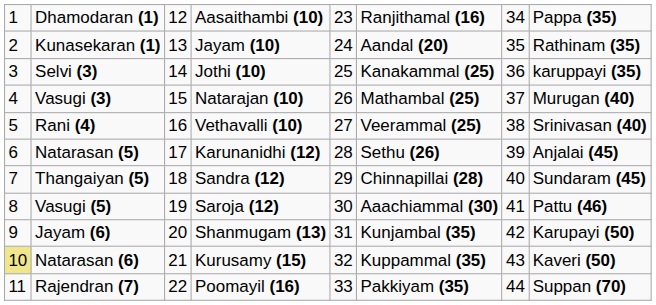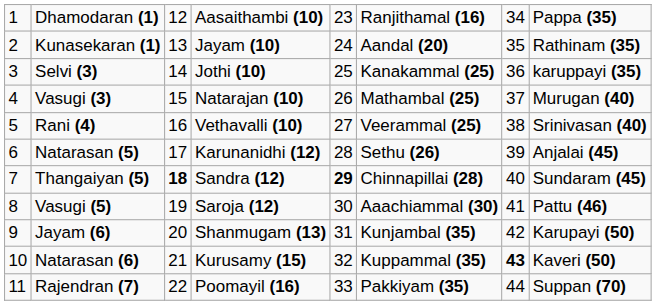 <table class="wikitable">
 <tr>
 <td>1</td>
 <td>Dhamodaran <strong>(1)</strong></td>
 <td>12</td>
 <td>Aasaithambi <strong>(10)</strong></td>
 <td>23</td>
 <td>Ranjithamal <strong>(16)</strong></td>
 <td>34</td>
 <td>Pappa <strong>(35)</strong></td>
 </tr>
 <tr>
 <td>2</td>
 <td>Kunasekaran <strong>(1)</strong></td>
 <td>13</td>
 <td>Jayam <strong>(10)</strong></td>
 <td>24</td>
 <td>Aandal <strong>(20)</strong></td>
 <td>35</td>
 <td>Rathinam <strong>(35)</strong></td>
 </tr>
 <tr>
 <td>3</td>
 <td>Selvi <strong>(3)</strong></td>
 <td>14</td>
 <td>Jothi <strong>(10)</strong></td>
 <td>25</td>
 <td>Kanakammal <strong>(25)</strong></td>
 <td>36</td>
 <td>karuppayi <strong>(35)</strong></td>
 </tr>
 <tr>
 <td>4</td>
 <td>Vasugi <strong>(3)</strong></td>
 <td>15</td>
 <td>Natarajan <strong>(10)</strong></td>
 <td>26</td>
 <td>Mathambal <strong>(25)</strong></td>
 <td>37</td>
 <td>Murugan <strong>(40)</strong></td>
 </tr>
 <tr>
 <td>5</td>
 <td>Rani <strong>(4)</strong></td>
 <td>16</td>
 <td>Vethavalli <strong>(10)</strong></td>
 <td>27</td>
 <td>Veerammal <strong>(25)</strong></td>
 <td>38</td>
 <td>Srinivasan <strong>(40)</strong></td>
 </tr>
 <tr>
 <td>6</td>
 <td>Natarasan <strong>(5)</strong></td>
 <td>17</td>
 <td>Karunanidhi <strong>(12)</strong></td>
 <td>28</td>
 <td>Sethu <strong>(26)</strong></td>
 <td>39</td>
 <td>Anjalai <strong>(45)</strong></td>
 </tr>
 <tr>
 <td>7</td>
 <td>Thangaiyan <strong>(5)</strong></td>
-<td>18</td>
+<td><strong>18</strong></td>
 <td>Sandra <strong>(12)</strong></td>
-<td>29</td>
+<td><strong>29</strong></td>
 <td>Chinnapillai <strong>(28)</strong></td>
 <td>40</td>
 <td>Sundaram <strong>(45)</strong></td>
 </tr>
 <tr>
 <td>8</td>
 <td>Vasugi <strong>(5)</strong></td>
 <td>19</td>
 <td>Saroja <strong>(12)</strong></td>
 <td>30</td>
 <td>Aaachiammal <strong>(30)</strong></td>
 <td>41</td>
 <td>Pattu <strong>(46)</strong></td>
 </tr>
 <tr>
 <td>9</td>
 <td>Jayam <strong>(6)</strong></td>
 <td>20</td>
 <td>Shanmugam <strong>(13)</strong></td>
 <td>31</td>
 <td>Kunjambal <strong>(35)</strong></td>
 <td>42</td>
 <td>Karupayi <strong>(50)</strong></td>
 </tr>
 <tr>
-<td style="background: khaki;">10</td>
+<td>10</td>
 <td>Natarasan <strong>(6)</strong></td>
 <td>21</td>
 <td>Kurusamy <strong>(15)</strong></td>
 <td>32</td>
 <td>Kuppammal <strong>(35)</strong></td>
-<td>43</td>
+<td><strong>43</strong></td>
 <td>Kaveri <strong>(50)</strong></td>
 </tr>
 <tr>
 <td>11</td>
 <td>Rajendran <strong>(7)</strong></td>
 <td>22</td>
 <td>Poomayil <strong>(16)</strong></td>
 <td>33</td>
 <td>Pakkiyam <strong>(35)</strong></td>
 <td>44</td>
 <td>Suppan <strong>(70)</strong></td>
 </tr>
 </table>
